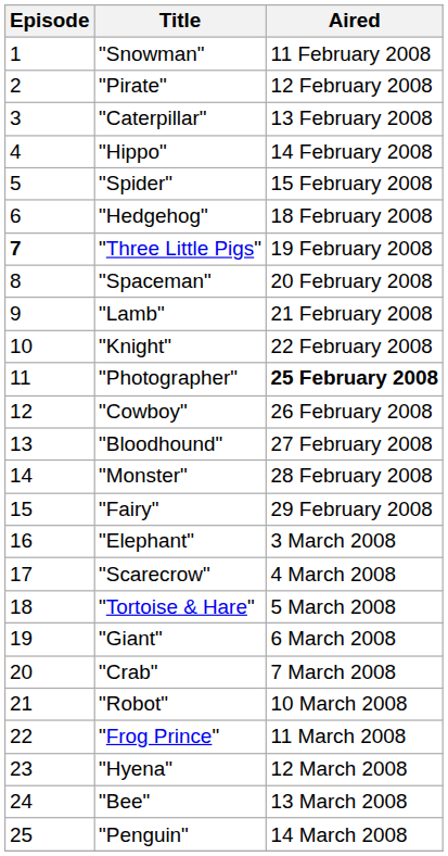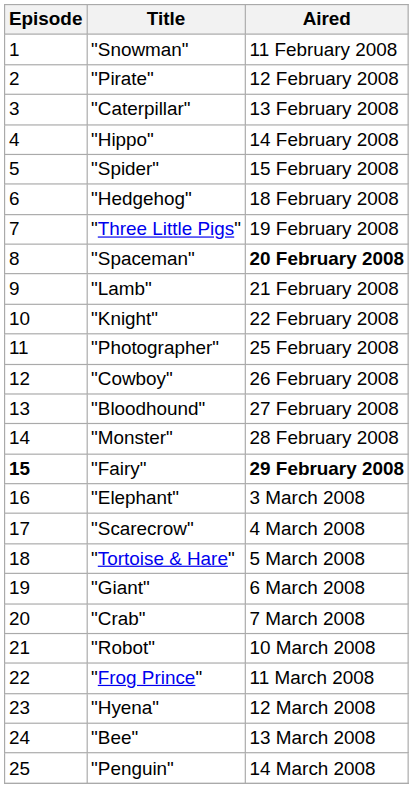 <table class="wikitable sortable" style="background: #FFFFFF;">
 <tr bg color="#CCCCCC">
 <th>Episode</th>
 <th>Title</th>
 <th>Aired</th>
 </tr>
 <tr>
 <td>1</td>
 <td>"Snowman"</td>
 <td>11 February 2008</td>
 </tr>
 <tr>
 <td>2</td>
 <td>"Pirate"</td>
 <td>12 February 2008</td>
 </tr>
 <tr>
 <td>3</td>
 <td>"Caterpillar"</td>
 <td>13 February 2008</td>
 </tr>
 <tr>
 <td>4</td>
 <td>"Hippo"</td>
 <td>14 February 2008</td>
 </tr>
 <tr>
 <td>5</td>
 <td>"Spider"</td>
 <td>15 February 2008</td>
 </tr>
 <tr>
 <td>6</td>
 <td>"Hedgehog"</td>
 <td>18 February 2008</td>
 </tr>
 <tr>
-<td><strong>7</strong></td>
+<td>7</td>
 <td>"<a href='#'>Three Little Pigs</a>"</td>
 <td>19 February 2008</td>
 </tr>
 <tr>
 <td>8</td>
 <td>"Spaceman"</td>
-<td>20 February 2008</td>
+<td><strong>20 February 2008</strong></td>
 </tr>
 <tr>
 <td>9</td>
 <td>"Lamb"</td>
 <td>21 February 2008</td>
 </tr>
 <tr>
 <td>10</td>
 <td>"Knight"</td>
 <td>22 February 2008</td>
 </tr>
 <tr>
 <td>11</td>
 <td>"Photographer"</td>
-<td><strong>25 February 2008</strong></td>
+<td>25 February 2008</td>
 </tr>
 <tr>
 <td>12</td>
 <td>"Cowboy"</td>
 <td>26 February 2008</td>
 </tr>
 <tr>
 <td>13</td>
 <td>"Bloodhound"</td>
 <td>27 February 2008</td>
 </tr>
 <tr>
 <td>14</td>
 <td>"Monster"</td>
 <td>28 February 2008</td>
 </tr>
 <tr>
-<td>15</td>
+<td><strong>15</strong></td>
 <td>"Fairy"</td>
-<td>29 February 2008</td>
+<td><strong>29 February 2008</strong></td>
 </tr>
 <tr>
 <td>16</td>
 <td>"Elephant"</td>
 <td>3 March 2008</td>
 </tr>
 <tr>
 <td>17</td>
 <td>"Scarecrow"</td>
 <td>4 March 2008</td>
 </tr>
 <tr>
 <td>18</td>
 <td>"<a href='#'>Tortoise & Hare</a>"</td>
 <td>5 March 2008</td>
 </tr>
 <tr>
 <td>19</td>
 <td>"Giant"</td>
 <td>6 March 2008</td>
 </tr>
 <tr>
 <td>20</td>
 <td>"Crab"</td>
 <td>7 March 2008</td>
 </tr>
 <tr>
 <td>21</td>
 <td>"Robot"</td>
 <td>10 March 2008</td>
 </tr>
 <tr>
 <td>22</td>
 <td>"<a href='#'>Frog Prince</a>"</td>
 <td>11 March 2008</td>
 </tr>
 <tr>
 <td>23</td>
 <td>"Hyena"</td>
 <td>12 March 2008</td>
 </tr>
 <tr>
 <td>24</td>
 <td>"Bee"</td>
 <td>13 March 2008</td>
 </tr>
 <tr>
 <td>25</td>
 <td>"Penguin"</td>
 <td>14 March 2008</td>
 </tr>
 <tr>
 </tr>
 </table>
